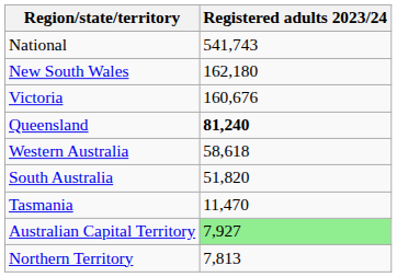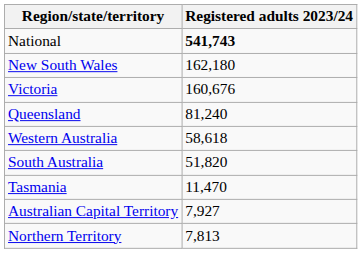 <table class="sortable wikitable">
 <tr>
 <th colspan="1">Region/state/territory</th>
 <th colspan="1">Registered adults 2023/24</th>
 </tr>
 <tr>
 <td> National</td>
-<td>541,743</td>
+<td><strong>541,743</strong></td>
 </tr>
 <tr>
 <td> <a href='#'>New South Wales</a></td>
 <td>162,180</td>
 </tr>
 <tr>
 <td> <a href='#'>Victoria</a></td>
 <td>160,676</td>
 </tr>
 <tr>
 <td> <a href='#'>Queensland</a></td>
-<td><strong>81,240</strong></td>
+<td>81,240</td>
 </tr>
 <tr>
 <td> <a href='#'>Western Australia</a></td>
 <td>58,618</td>
 </tr>
 <tr>
 <td> <a href='#'>South Australia</a></td>
 <td>51,820</td>
 </tr>
 <tr>
 <td> <a href='#'>Tasmania</a></td>
 <td>11,470</td>
 </tr>
 <tr>
 <td> <a href='#'>Australian Capital Territory</a></td>
-<td style="background: lightgreen;">7,927</td>
+<td>7,927</td>
 </tr>
 <tr>
 <td> <a href='#'>Northern Territory</a></td>
 <td>7,813</td>
 </tr>
 </table>
